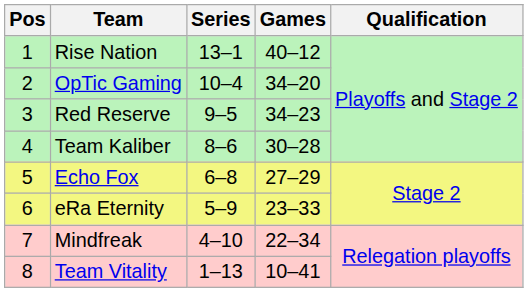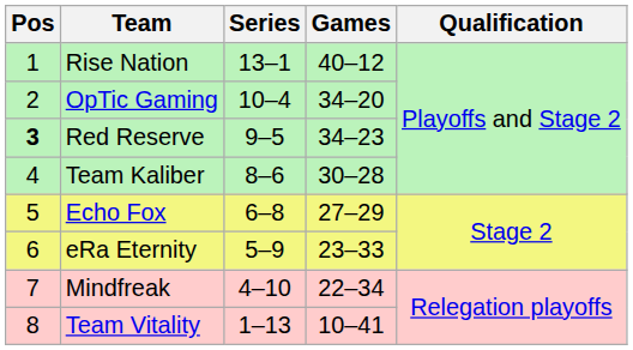 <table class="wikitable" style="text-align:middle">
 <tr>
 <th>Pos</th>
 <th>Team</th>
 <th>Series</th>
 <th>Games</th>
 <th>Qualification</th>
 </tr>
 <tr>
 <td style="text-align:center; background:#BBF3BB;">1</td>
 <td style="text-align:left; background:#BBF3BB;">Rise Nation</td>
 <td style="text-align:center; background:#BBF3BB;">13–1</td>
 <td style="text-align:center; background:#BBF3BB;">40–12</td>
 <td style="text-align:center; background:#BBF3BB;" rowspan="4"><a href='#'>Playoffs</a> and <a href='#'>Stage 2</a></td>
 </tr>
 <tr>
 <td style="text-align:center; background:#BBF3BB;">2</td>
 <td style="text-align:left; background:#BBF3BB;"><a href='#'>OpTic Gaming</a></td>
 <td style="text-align:center; background:#BBF3BB;">10–4</td>
 <td style="text-align:center; background:#BBF3BB;">34–20</td>
 </tr>
 <tr>
-<td style="text-align:center; background:#BBF3BB;">3</td>
+<td style="text-align:center; background:#BBF3BB;"><strong>3</strong></td>
 <td style="text-align:left; background:#BBF3BB;">Red Reserve</td>
 <td style="text-align:center; background:#BBF3BB;">9–5</td>
 <td style="text-align:center; background:#BBF3BB;">34–23</td>
 </tr>
 <tr>
 <td style="text-align:center; background:#BBF3BB;">4</td>
 <td style="text-align:left; background:#BBF3BB;">Team Kaliber</td>
 <td style="text-align:center; background:#BBF3BB;">8–6</td>
 <td style="text-align:center; background:#BBF3BB;">30–28</td>
 </tr>
 <tr>
 <td style="text-align:center; background:#F3F781;">5</td>
 <td style="text-align:left; background:#F3F781;"><a href='#'>Echo Fox</a></td>
 <td style="text-align:center; background:#F3F781;">6–8</td>
 <td style="text-align:center; background:#F3F781;">27–29</td>
 <td style="text-align:center; background:#F3F781;" rowspan="2"><a href='#'>Stage 2</a></td>
 </tr>
 <tr>
 <td style="text-align:center; background:#F3F781;">6</td>
 <td style="text-align:left; background:#F3F781;">eRa Eternity</td>
 <td style="text-align:center; background:#F3F781;">5–9</td>
 <td style="text-align:center; background:#F3F781;">23–33</td>
 </tr>
 <tr>
 <td style="text-align:center; background:#FFCCCC;">7</td>
 <td style="text-align:left; background:#FFCCCC;">Mindfreak</td>
 <td style="text-align:center; background:#FFCCCC;">4–10</td>
 <td style="text-align:center; background:#FFCCCC;">22–34</td>
 <td style="text-align:center; background:#FFCCCC;" rowspan="2"><a href='#'>Relegation playoffs</a></td>
 </tr>
 <tr>
 <td style="text-align:center; background:#FFCCCC;">8</td>
 <td style="text-align:left; background:#FFCCCC;"><a href='#'>Team Vitality</a></td>
 <td style="text-align:center; background:#FFCCCC;">1–13</td>
 <td style="text-align:center; background:#FFCCCC;">10–41</td>
 </tr>
 </table>
